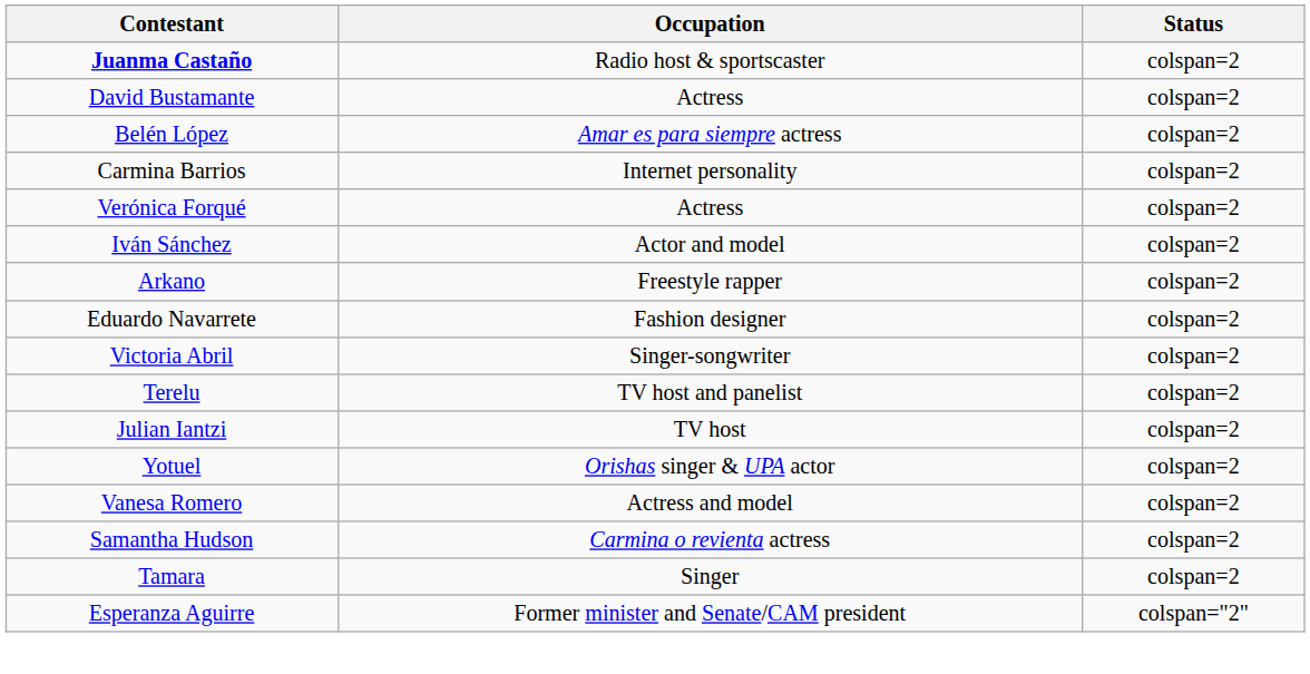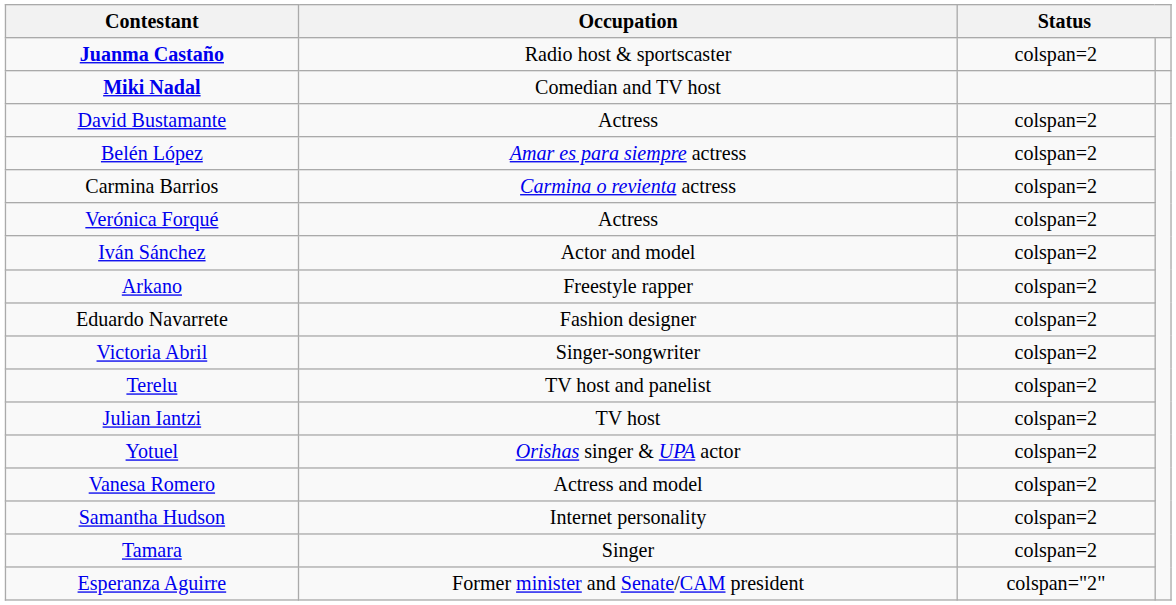 <table class="wikitable" style="margin:auto; text-align:center; width:70%; font-size:95%">
 <tr>
 <th>Contestant</th>
 <th>Occupation</th>
 <th colspan=2>Status</th>
 </tr>
 <tr>
 <td><strong><a href='#'>Juanma Castaño</a></strong></td>
 <td>Radio host & sportscaster</td>
 <td>colspan=2 </td>
+</tr>
+<tr>
+<td><strong><a href='#'>Miki Nadal</a></strong></td>
+<td>Comedian and TV host</td>
+<td></td>
+<td></td>
 </tr>
 <tr>
 <td><a href='#'>David Bustamante</a></td>
 <td>Actress</td>
 <td>colspan=2 </td>
 </tr>
 <tr>
 <td><a href='#'>Belén López</a></td>
 <td><em><a href='#'>Amar es para siempre</a></em> actress</td>
 <td>colspan=2 </td>
 </tr>
 <tr>
 <td>Carmina Barrios</td>
-<td>Internet personality</td>
+<td><em><a href='#'>Carmina o revienta</a></em> actress</td>
 <td>colspan=2 </td>
 </tr>
 <tr>
 <td><a href='#'>Verónica Forqué</a></td>
 <td>Actress</td>
 <td>colspan=2 </td>
 </tr>
 <tr>
 <td><a href='#'>Iván Sánchez</a></td>
 <td>Actor and model</td>
 <td>colspan=2 </td>
 </tr>
 <tr>
 <td><a href='#'>Arkano</a></td>
 <td>Freestyle rapper</td>
 <td>colspan=2 </td>
 </tr>
 <tr>
 <td>Eduardo Navarrete</td>
 <td>Fashion designer</td>
 <td>colspan=2 </td>
 </tr>
 <tr>
 <td><a href='#'>Victoria Abril</a></td>
 <td>Singer-songwriter</td>
 <td>colspan=2 </td>
 </tr>
 <tr>
 <td><a href='#'>Terelu</a></td>
 <td>TV host and panelist</td>
 <td>colspan=2 </td>
 </tr>
 <tr>
 <td><a href='#'>Julian Iantzi</a></td>
 <td>TV host</td>
 <td>colspan=2 </td>
 </tr>
 <tr>
 <td><a href='#'>Yotuel</a></td>
 <td><em><a href='#'>Orishas</a></em> singer & <em><a href='#'>UPA</a></em> actor</td>
 <td>colspan=2 </td>
 </tr>
 <tr>
 <td><a href='#'>Vanesa Romero</a></td>
 <td>Actress and model</td>
 <td>colspan=2 </td>
 </tr>
 <tr>
 <td><a href='#'>Samantha Hudson</a></td>
-<td><em><a href='#'>Carmina o revienta</a></em> actress</td>
+<td>Internet personality</td>
 <td>colspan=2 </td>
 </tr>
 <tr>
 <td><a href='#'>Tamara</a></td>
 <td>Singer</td>
 <td>colspan=2 </td>
 </tr>
 <tr>
 <td><a href='#'>Esperanza Aguirre</a></td>
 <td>Former <a href='#'>minister</a> and <a href='#'>Senate</a>/<a href='#'>CAM</a> president</td>
 <td>colspan="2" </td>
 </tr>
 </table>
